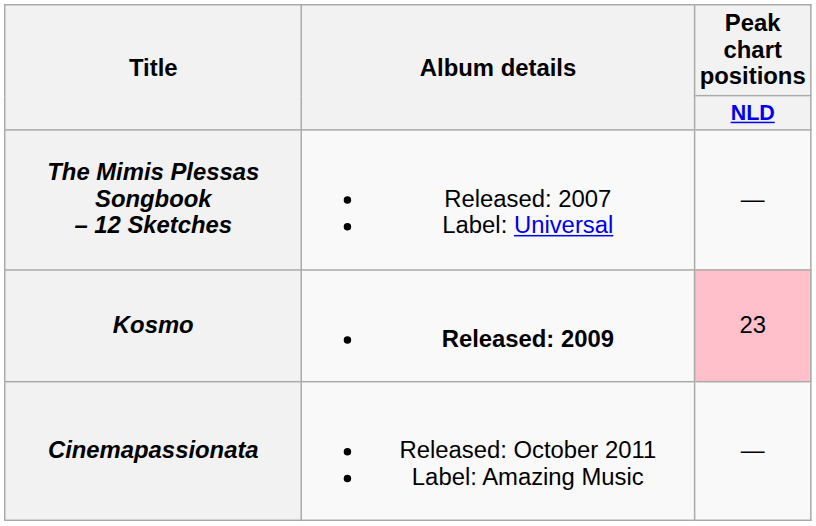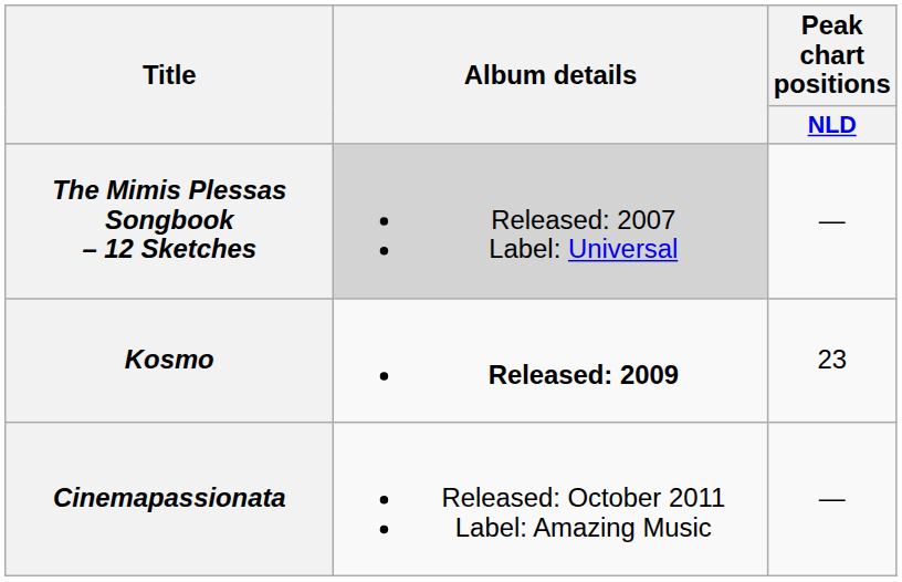 <table class="wikitable plainrowheaders" style="text-align:center;" border="1">
 <tr>
 <th scope="col" rowspan="2" style="width:12em;">Title</th>
 <th scope="col" rowspan="2" style="width:16em;">Album details</th>
 <th scope="col" colspan="1">Peak chart positions</th>
 </tr>
 <tr>
 <th scope="col" style="width:3.5em;font-size:90%;"><a href='#'>NLD</a><br></th>
 </tr>
 <tr>
 <th scope="row"><em>The Mimis Plessas Songbook<br>– 12 Sketches</em></th>
-<td><br><ul><li>Released: 2007</li><li>Label: <a href='#'>Universal</a></li></ul></td>
+<td style="background: lightgrey;"><br><ul><li>Released: 2007</li><li>Label: <a href='#'>Universal</a></li></ul></td>
 <td>—</td>
 </tr>
 <tr>
 <th scope="row"><em>Kosmo</em></th>
 <td><strong><br><ul><li>Released: 2009</li></ul></strong></td>
-<td style="background: pink;">23</td>
+<td>23</td>
 </tr>
 <tr>
 <th scope="row"><em>Cinemapassionata</em></th>
 <td><br><ul><li>Released: October 2011</li><li>Label: Amazing Music</li></ul></td>
 <td>—</td>
 </tr>
 </table>
